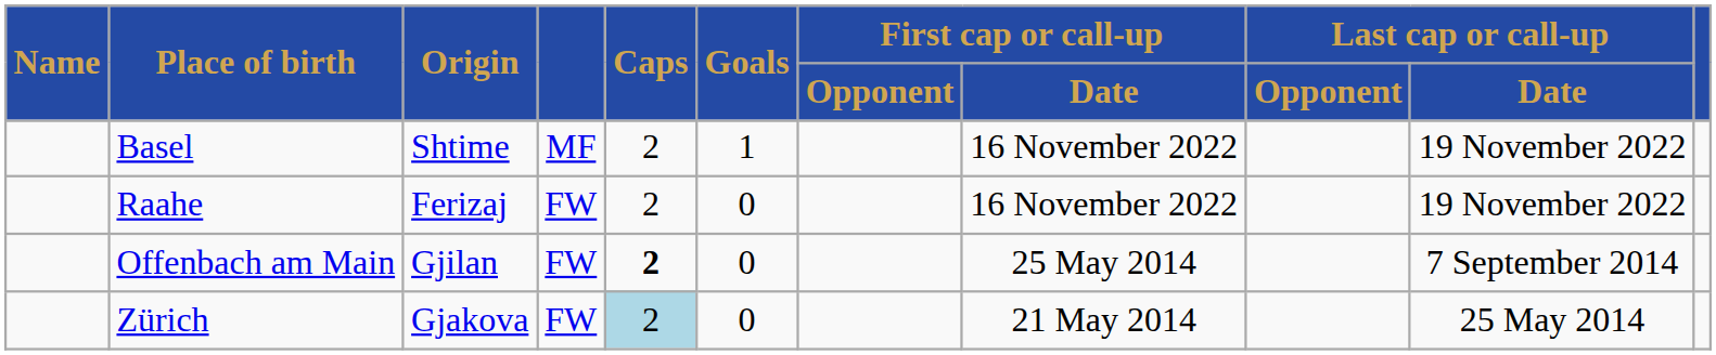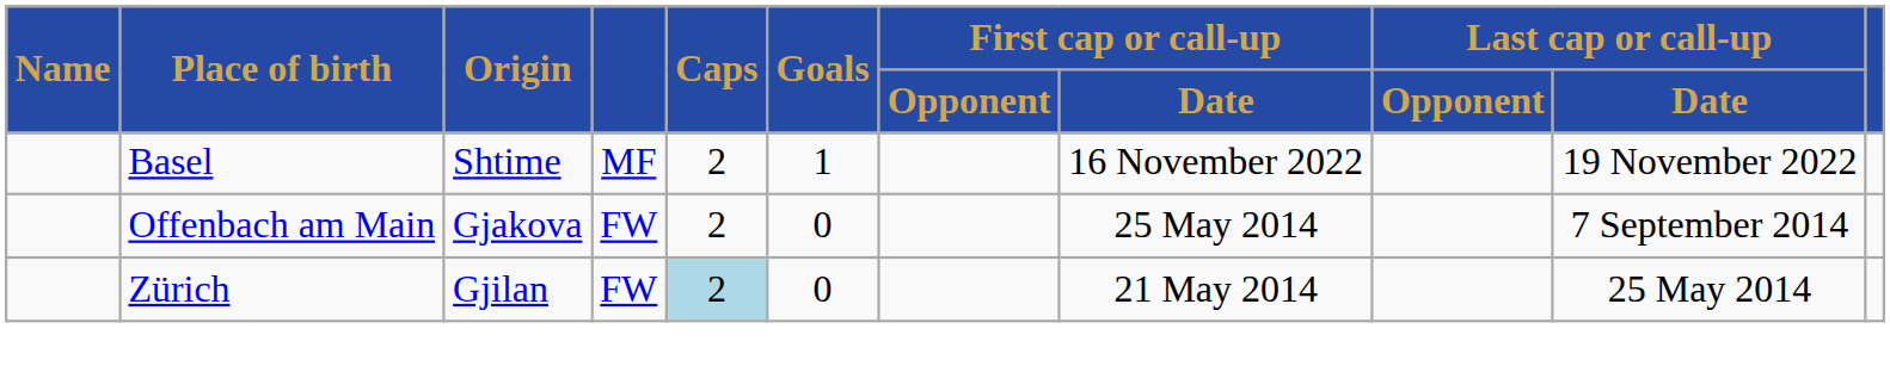 <table class="wikitable" style="text-align: center;font-size:90%;">
 <tr>
 <th rowspan="2" style="background: #244AA5; color: #D0A650;">Name</th>
 <th rowspan="2" style="background: #244AA5; color: #D0A650;">Place of birth</th>
 <th rowspan="2" style="background: #244AA5; color: #D0A650;">Origin</th>
 <th rowspan="2" style="background: #244AA5; color: #D0A650;"></th>
 <th rowspan="2" style="background: #244AA5; color: #D0A650;">Caps</th>
 <th rowspan="2" style="background: #244AA5; color: #D0A650;">Goals</th>
 <th colspan="2" style="background: #244AA5; color: #D0A650;">First cap or call-up</th>
 <th colspan="2" style="background: #244AA5; color: #D0A650;">Last cap or call-up</th>
 <th rowspan="2" style="background: #244AA5; color: #D0A650;"></th>
 </tr>
 <tr>
 <th style="background: #244AA5; color: #D0A650;">Opponent</th>
 <th style="background: #244AA5; color: #D0A650;">Date</th>
 <th style="background: #244AA5; color: #D0A650;">Opponent</th>
 <th style="background: #244AA5; color: #D0A650;">Date</th>
 </tr>
 <tr>
 <td align="left"> </td>
 <td align="left"> <a href='#'>Basel</a></td>
 <td align="left"><a href='#'>Shtime</a></td>
 <td><a href='#'>MF</a></td>
 <td>2</td>
 <td>1</td>
 <td align="left"></td>
 <td>16 November 2022</td>
 <td align="left"></td>
 <td>19 November 2022</td>
 <td></td>
 </tr>
 <tr>
 <td align="left"> </td>
-<td align="left"> <a href='#'>Raahe</a></td>
-<td align="left"><a href='#'>Ferizaj</a></td>
+<td align="left"> <a href='#'>Offenbach am Main</a></td>
+<td align="left"><a href='#'>Gjakova</a></td>
 <td><a href='#'>FW</a></td>
 <td>2</td>
-<td>0</td>
-<td align="left"></td>
-<td>16 November 2022</td>
-<td align="left"></td>
-<td>19 November 2022</td>
-<td></td>
-</tr>
-<tr>
-<td align="left"> </td>
-<td align="left"> <a href='#'>Offenbach am Main</a></td>
-<td align="left"><a href='#'>Gjilan</a></td>
-<td><a href='#'>FW</a></td>
-<td><strong>2</strong></td>
 <td>0</td>
 <td align="left"></td>
 <td>25 May 2014</td>
 <td align="left"></td>
 <td>7 September 2014</td>
 <td></td>
 </tr>
 <tr>
 <td align="left"> </td>
 <td align="left"> <a href='#'>Zürich</a></td>
-<td align="left"><a href='#'>Gjakova</a></td>
+<td align="left"><a href='#'>Gjilan</a></td>
 <td><a href='#'>FW</a></td>
 <td style="background: lightblue;">2</td>
 <td>0</td>
 <td align="left"></td>
 <td>21 May 2014</td>
 <td align="left"></td>
 <td>25 May 2014</td>
 <td></td>
 </tr>
 </table>
